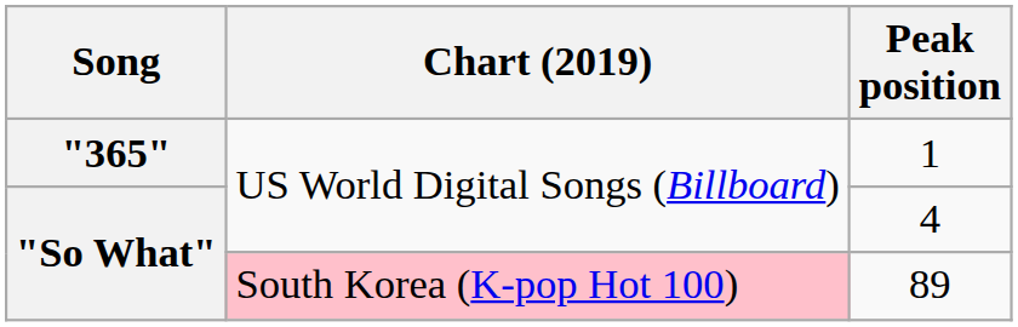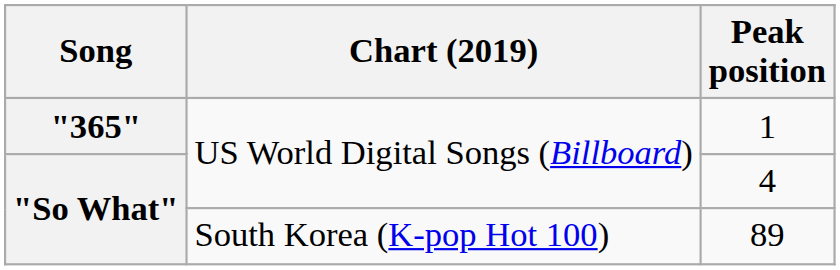 <table class="wikitable sortable plainrowheaders" style="text-align:center">
 <tr>
 <th>Song</th>
 <th>Chart (2019)</th>
 <th>Peak<br>position</th>
 </tr>
 <tr>
 <th scope="row">"365"</th>
 <td style="text-align:left" rowspan="2">US World Digital Songs (<em><a href='#'>Billboard</a></em>)</td>
 <td>1</td>
 </tr>
 <tr>
 <th scope="row" rowspan="2">"So What"</th>
 <td>4</td>
 </tr>
 <tr>
-<td style="background: pink; text-align:left">South Korea (<a href='#'>K-pop Hot 100</a>)</td>
+<td style="text-align:left">South Korea (<a href='#'>K-pop Hot 100</a>)</td>
 <td>89</td>
 </tr>
 </table>
